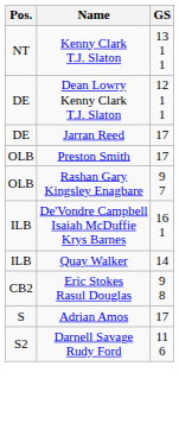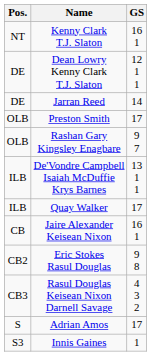 <table class="wikitable" style="text-align:center">
 <tr>
 <th>Pos.</th>
 <th>Name</th>
 <th>GS</th>
 </tr>
 <tr>
 <td>NT</td>
 <td><a href='#'>Kenny Clark</a><br><a href='#'>T.J. Slaton</a></td>
-<td>13<br>1<br>1</td>
+<td>16<br>1</td>
 </tr>
 <tr>
 <td>DE</td>
 <td><a href='#'>Dean Lowry</a><br>Kenny Clark<br><a href='#'>T.J. Slaton</a></td>
 <td>12<br>1<br>1</td>
 </tr>
 <tr>
 <td>DE</td>
 <td><a href='#'>Jarran Reed</a></td>
-<td>17</td>
+<td>14</td>
 </tr>
 <tr>
 <td>OLB</td>
 <td><a href='#'>Preston Smith</a></td>
 <td>17</td>
 </tr>
 <tr>
 <td>OLB</td>
 <td><a href='#'>Rashan Gary</a><br><a href='#'>Kingsley Enagbare</a></td>
 <td>9<br>7</td>
 </tr>
 <tr>
 <td>ILB</td>
 <td><a href='#'>De'Vondre Campbell</a><br><a href='#'>Isaiah McDuffie</a><br><a href='#'>Krys Barnes</a></td>
-<td>16<br>1</td>
+<td>13<br>1<br>1</td>
 </tr>
 <tr>
 <td>ILB</td>
 <td><a href='#'>Quay Walker</a></td>
-<td>14</td>
+<td>17</td>
+</tr>
+<tr>
+<td>CB</td>
+<td><a href='#'>Jaire Alexander</a><br><a href='#'>Keisean Nixon</a></td>
+<td>16<br>1</td>
 </tr>
 <tr>
 <td>CB2</td>
 <td><a href='#'>Eric Stokes</a><br><a href='#'>Rasul Douglas</a></td>
 <td>9<br>8</td>
 </tr>
 <tr>
+<td>CB3</td>
+<td><a href='#'>Rasul Douglas</a><br><a href='#'>Keisean Nixon</a><br><a href='#'>Darnell Savage</a></td>
+<td>4<br>3<br>2</td>
+</tr>
+<tr>
 <td>S</td>
 <td><a href='#'>Adrian Amos</a></td>
 <td>17</td>
 </tr>
 <tr>
-<td>S2</td>
-<td><a href='#'>Darnell Savage</a><br><a href='#'>Rudy Ford</a></td>
-<td>11<br>6</td>
+<td>S3</td>
+<td><a href='#'>Innis Gaines</a></td>
+<td>1</td>
 </tr>
 </table>
